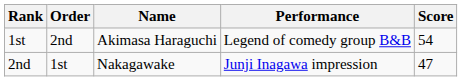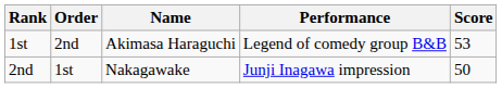 <table class="wikitable">
 <tr>
 <th>Rank</th>
 <th>Order</th>
 <th>Name</th>
 <th>Performance</th>
 <th>Score</th>
 </tr>
 <tr>
 <td>1st</td>
 <td>2nd</td>
 <td>Akimasa Haraguchi</td>
 <td>Legend of comedy group <a href='#'>B&B</a></td>
-<td>54</td>
+<td>53</td>
 </tr>
 <tr>
 <td>2nd</td>
 <td>1st</td>
 <td>Nakagawake</td>
 <td><a href='#'>Junji Inagawa</a> impression</td>
-<td>47</td>
+<td>50</td>
 </tr>
 </table>
